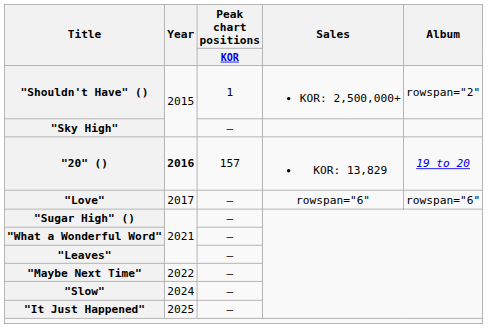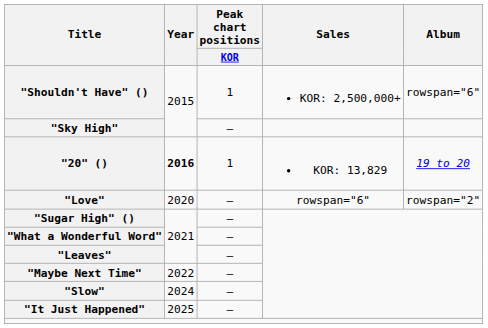 <table class="wikitable plainrowheaders" style="text-align:center">
 <tr>
 <th scope="col"  rowspan="2">Title</th>
 <th scope="col"  rowspan="2">Year</th>
 <th scope="col">Peak chart positions</th>
 <th scope="col"  rowspan="2">Sales<br></th>
 <th scope="col"  rowspan="2">Album</th>
 </tr>
 <tr>
 <th scope="col" style="width:3em;font-size:90%"><a href='#'>KOR</a><br></th>
 </tr>
 <tr>
 <th scope="row">"Shouldn't Have" ()<br></th>
 <td rowspan="2">2015</td>
 <td>1</td>
 <td><br><ul><li>KOR: 2,500,000+</li></ul></td>
-<td>rowspan="2" </td>
+<td>rowspan="6" </td>
 </tr>
 <tr>
 <th scope="row">"Sky High"<br></th>
 <td>—</td>
 <td></td>
 </tr>
 <tr>
 <th scope="row">"20" ()<br></th>
 <td><strong>2016</strong></td>
-<td>157</td>
+<td>1</td>
 <td><br><ul><li>KOR: 13,829</li></ul></td>
 <td><em><a href='#'>19 to 20</a></em></td>
 </tr>
 <tr>
 <th scope="row">"Love" </th>
-<td>2017</td>
+<td>2020</td>
 <td>—</td>
 <td>rowspan="6" </td>
-<td>rowspan="6" </td>
+<td>rowspan="2" </td>
 </tr>
 <tr>
 <th scope="row">"Sugar High" () </th>
 <td rowspan="3">2021</td>
 <td>—</td>
 </tr>
 <tr>
 <th scope="row">"What a Wonderful Word" </th>
 <td>—</td>
 </tr>
 <tr>
 <th scope="row">"Leaves" </th>
 <td>—</td>
 </tr>
 <tr>
 <th scope="row">"Maybe Next Time" </th>
 <td>2022</td>
 <td>—</td>
 </tr>
 <tr>
 <th scope="row">"Slow" </th>
 <td>2024</td>
 <td>—</td>
 </tr>
 <tr>
 <th scope="row">"It Just Happened" </th>
 <td>2025</td>
 <td>—</td>
 </tr>
 <tr>
 <td colspan="5"></td>
 </tr>
 </table>
